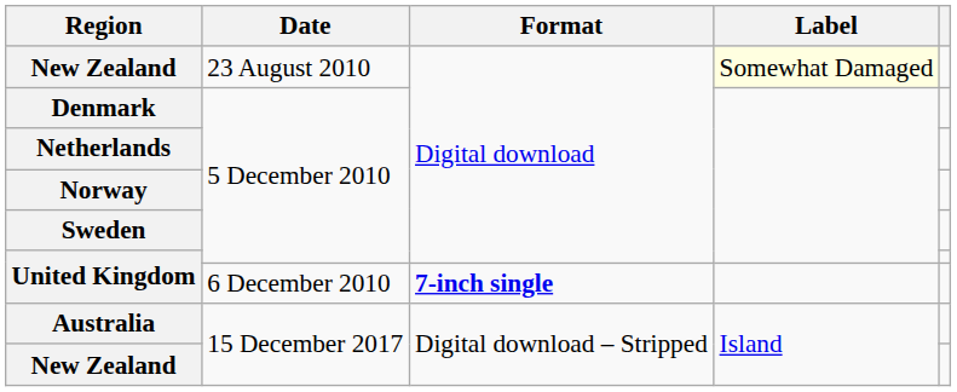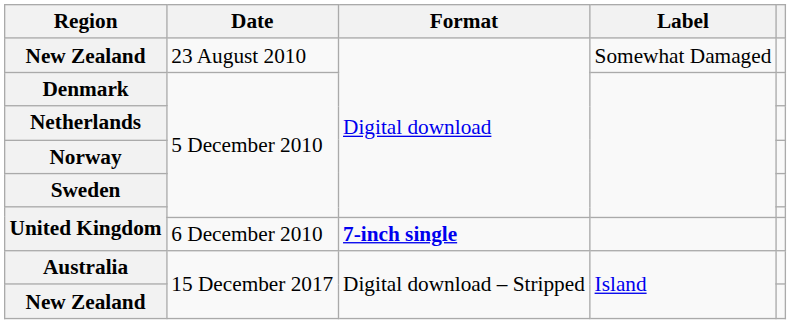 <table class="wikitable plainrowheaders">
 <tr>
 <th scope="col">Region</th>
 <th scope="col">Date</th>
 <th scope="col">Format</th>
 <th scope="col">Label</th>
 <th scope="col"></th>
 </tr>
 <tr>
 <th scope="row">New Zealand</th>
 <td>23 August 2010</td>
 <td rowspan="6"><a href='#'>Digital download</a></td>
-<td style="background: lightyellow;">Somewhat Damaged</td>
+<td>Somewhat Damaged</td>
 <td align="center"></td>
 </tr>
 <tr>
 <th scope="row">Denmark</th>
 <td rowspan="5">5 December 2010</td>
 <td rowspan="5"></td>
 <td align="center"></td>
 </tr>
 <tr>
 <th scope="row">Netherlands</th>
 <td align="center"></td>
 </tr>
 <tr>
 <th scope="row">Norway</th>
 <td align="center"></td>
 </tr>
 <tr>
 <th scope="row">Sweden</th>
 <td align="center"></td>
 </tr>
 <tr>
 <th scope="row" rowspan="2">United Kingdom</th>
 <td align="center"></td>
 </tr>
 <tr>
 <td>6 December 2010</td>
 <td><strong><a href='#'>7-inch single</a></strong></td>
 <td></td>
 <td align="center"></td>
 </tr>
 <tr>
 <th scope="row">Australia</th>
 <td rowspan="2">15 December 2017</td>
 <td rowspan="2">Digital download – Stripped</td>
 <td rowspan="2"><a href='#'>Island</a></td>
 <td style="text-align:center;"></td>
 </tr>
 <tr>
 <th scope="row">New Zealand</th>
 <td style="text-align:center;"></td>
 </tr>
 </table>
